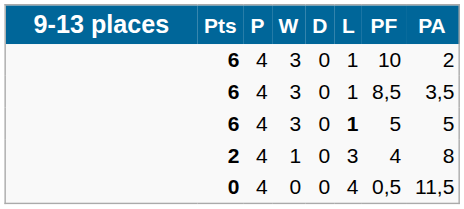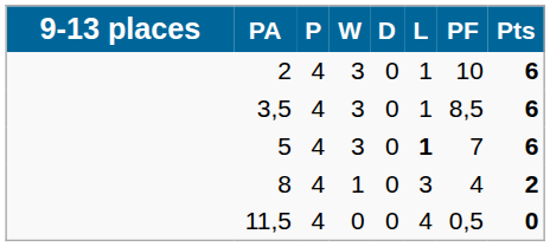 <table align=center cellpadding="3" cellspacing="0" style="background: #f9f9f9; border: 1px #aaa solid; border-collapse: collapse; font-size: 95%;" width=330>
 <tr style="background:#006699; color:white;">
 <th width=34% style=font-size:120%><strong>9-13 places</strong></th>
-<th width=5%>Pts</th>
+<th width=5%>PA</th>
 <th width=5%>P</th>
 <th width=5%>W</th>
 <th width=5%>D</th>
 <th width=5%>L</th>
 <th width=5%>PF</th>
-<th width=5%>PA</th>
+<th width=5%>Pts</th>
 </tr>
 <tr align=right>
 <td align=left></td>
-<td><strong>6</strong></td>
+<td>2</td>
 <td>4</td>
 <td>3</td>
 <td>0</td>
 <td>1</td>
 <td>10</td>
-<td>2</td>
+<td><strong>6</strong></td>
 </tr>
 <tr align=right>
 <td align=left></td>
-<td><strong>6</strong></td>
+<td>3,5</td>
 <td>4</td>
 <td>3</td>
 <td>0</td>
 <td>1</td>
 <td>8,5</td>
-<td>3,5</td>
+<td><strong>6</strong></td>
 </tr>
 <tr align=right>
 <td align=left></td>
-<td><strong>6</strong></td>
+<td>5</td>
 <td>4</td>
 <td>3</td>
 <td>0</td>
 <td><strong>1</strong></td>
-<td>5</td>
-<td>5</td>
+<td>7</td>
+<td><strong>6</strong></td>
 </tr>
 <tr align=right>
 <td align=left></td>
-<td><strong>2</strong></td>
+<td>8</td>
 <td>4</td>
 <td>1</td>
 <td>0</td>
 <td>3</td>
 <td>4</td>
-<td>8</td>
+<td><strong>2</strong></td>
 </tr>
 <tr align=right>
 <td align=left></td>
-<td><strong>0</strong></td>
+<td>11,5</td>
 <td>4</td>
 <td>0</td>
 <td>0</td>
 <td>4</td>
 <td>0,5</td>
-<td>11,5</td>
+<td><strong>0</strong></td>
 </tr>
 </table>
